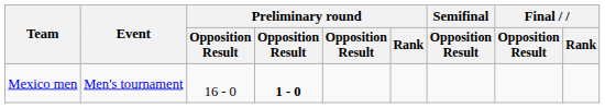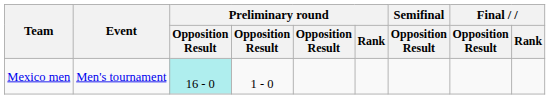 <table class="wikitable" style="font-size:90%;text-align:center">
 <tr>
 <th rowspan=2>Team</th>
 <th rowspan=2>Event</th>
 <th colspan=4>Preliminary round</th>
 <th>Semifinal</th>
 <th colspan=2>Final /  / </th>
 </tr>
 <tr style=font-size:95%>
 <th>Opposition<br>Result</th>
 <th>Opposition<br>Result</th>
 <th>Opposition<br>Result</th>
 <th>Rank</th>
 <th>Opposition<br>Result</th>
 <th>Opposition<br>Result</th>
 <th>Rank</th>
 </tr>
 <tr>
 <td style="text-align:left"><a href='#'>Mexico men</a></td>
 <td style="text-align:left"><a href='#'>Men's tournament</a></td>
-<td> <br> 16 - 0</td>
-<td><strong> <br>1 - 0</strong></td>
+<td style="background: paleturquoise;"> <br> 16 - 0</td>
+<td> <br>1 - 0</td>
 <td></td>
 <td></td>
 <td></td>
 <td></td>
 <td></td>
 </tr>
 </table>
